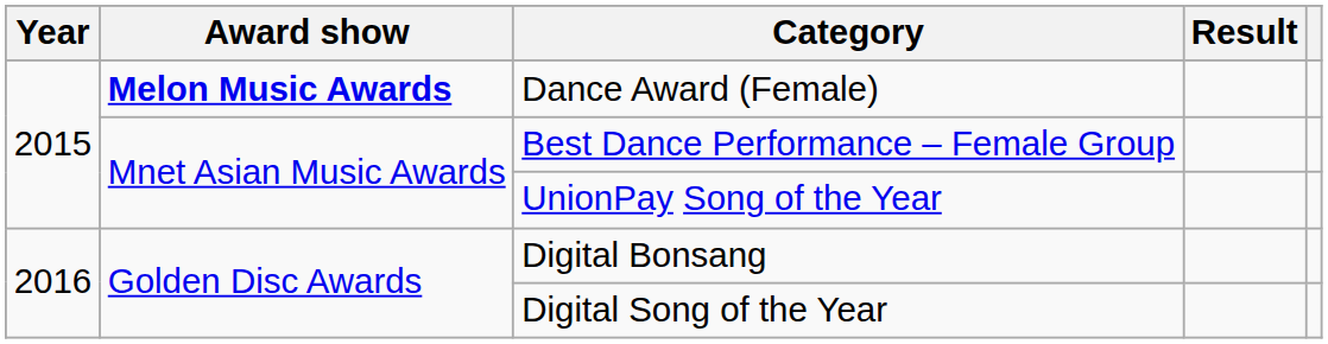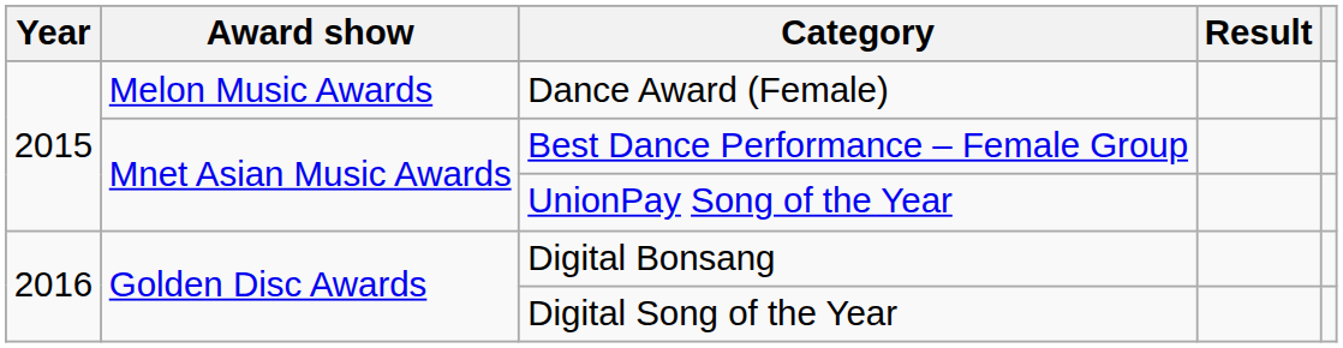 <table class="sortable wikitable">
 <tr>
 <th>Year</th>
 <th>Award show</th>
 <th>Category</th>
 <th>Result</th>
 <th class="unsortable"></th>
 </tr>
 <tr>
 <td rowspan="3">2015</td>
-<td><strong><a href='#'>Melon Music Awards</a></strong></td>
+<td><a href='#'>Melon Music Awards</a></td>
 <td>Dance Award (Female)</td>
 <td></td>
 <td align="center"></td>
 </tr>
 <tr>
 <td rowspan="2"><a href='#'>Mnet Asian Music Awards</a></td>
 <td><a href='#'>Best Dance Performance – Female Group</a></td>
 <td></td>
 <td align="center"></td>
 </tr>
 <tr>
 <td><a href='#'>UnionPay</a> <a href='#'>Song of the Year</a></td>
 <td></td>
 <td align="center"></td>
 </tr>
 <tr>
 <td rowspan="2">2016</td>
 <td rowspan="2"><a href='#'>Golden Disc Awards</a></td>
 <td>Digital Bonsang</td>
 <td></td>
 <td align="center"></td>
 </tr>
 <tr>
 <td>Digital Song of the Year</td>
 <td></td>
 <td align="center"></td>
 </tr>
 </table>
